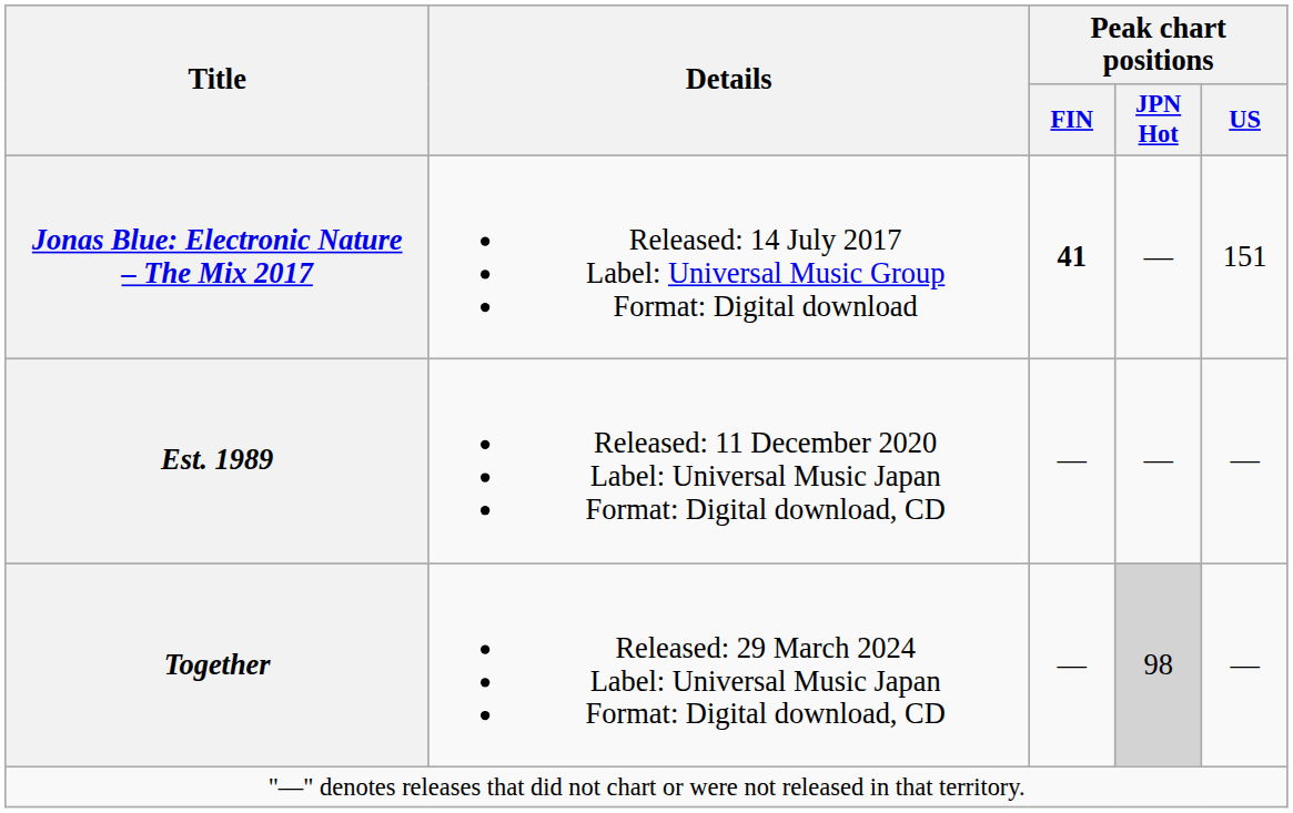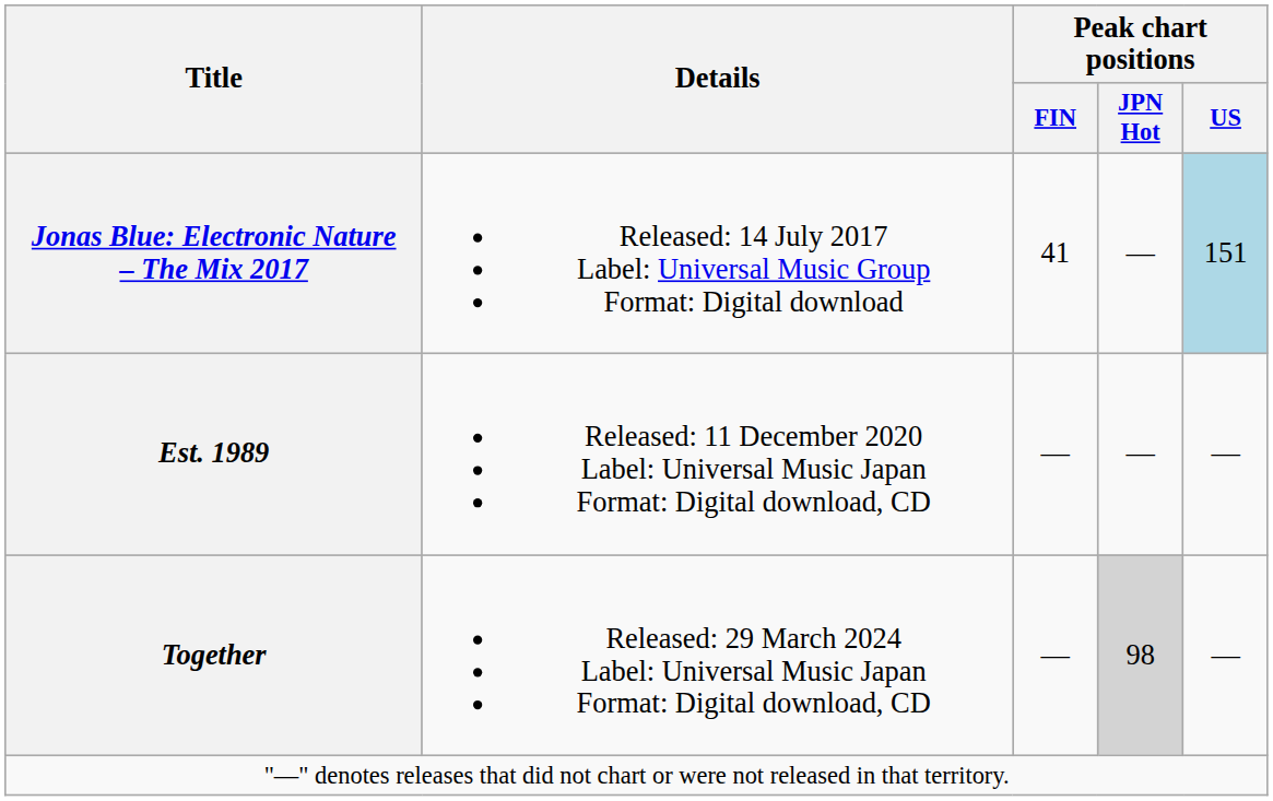 <table class="wikitable plainrowheaders" style="text-align:center;">
 <tr>
 <th scope="col" rowspan="2" style="width:14em;">Title</th>
 <th scope="col" rowspan="2" style="width:20em;">Details</th>
 <th scope="col" colspan="3">Peak chart positions</th>
 </tr>
 <tr>
 <th scope="col" style="width:3em;font-size:85%;"><a href='#'>FIN</a><br></th>
 <th scope="col" style="width:3em;font-size:85%;"><a href='#'>JPN<br>Hot</a><br></th>
 <th scope="col" style="width:3em;font-size:85%;"><a href='#'>US</a><br></th>
 </tr>
 <tr>
 <th scope="row"><em><a href='#'>Jonas Blue: Electronic Nature<br>– The Mix 2017</a></em></th>
 <td><br><ul><li>Released: 14 July 2017</li><li>Label: <a href='#'>Universal Music Group</a></li><li>Format: Digital download</li></ul></td>
-<td><strong>41</strong></td>
+<td>41</td>
 <td>—</td>
-<td>151</td>
+<td style="background: lightblue;">151</td>
 </tr>
 <tr>
 <th scope="row"><em>Est. 1989</em></th>
 <td><br><ul><li>Released: 11 December 2020</li><li>Label: Universal Music Japan</li><li>Format: Digital download, CD</li></ul></td>
 <td>—</td>
 <td>—</td>
 <td>—</td>
 </tr>
 <tr>
 <th scope="row"><em>Together</em></th>
 <td><br><ul><li>Released: 29 March 2024</li><li>Label: Universal Music Japan</li><li>Format: Digital download, CD</li></ul></td>
 <td>—</td>
 <td style="background: lightgrey;">98</td>
 <td>—</td>
 </tr>
 <tr>
 <td colspan="15" style="font-size:85%">"—" denotes releases that did not chart or were not released in that territory.</td>
 </tr>
 </table>
